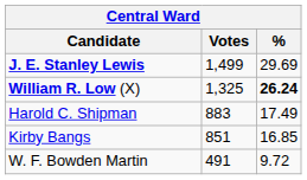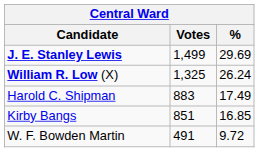 <table class="wikitable">
 <tr>
 <th colspan="3"><a href='#'>Central Ward</a></th>
 </tr>
 <tr>
 <th style="width: 200px">Candidate</th>
 <th style="width: 50px">Votes</th>
 <th style="width: 40px">%</th>
 </tr>
 <tr>
 <td><strong><a href='#'>J. E. Stanley Lewis</a></strong></td>
 <td>1,499</td>
 <td>29.69</td>
 </tr>
 <tr>
 <td><strong><a href='#'>William R. Low</a></strong> (X)</td>
 <td>1,325</td>
-<td><strong>26.24</strong></td>
+<td>26.24</td>
 </tr>
 <tr>
 <td><a href='#'>Harold C. Shipman</a></td>
 <td>883</td>
 <td>17.49</td>
 </tr>
 <tr>
 <td><a href='#'>Kirby Bangs</a></td>
 <td>851</td>
 <td>16.85</td>
 </tr>
 <tr>
 <td>W. F. Bowden Martin</td>
 <td>491</td>
 <td>9.72</td>
 </tr>
 </table>
